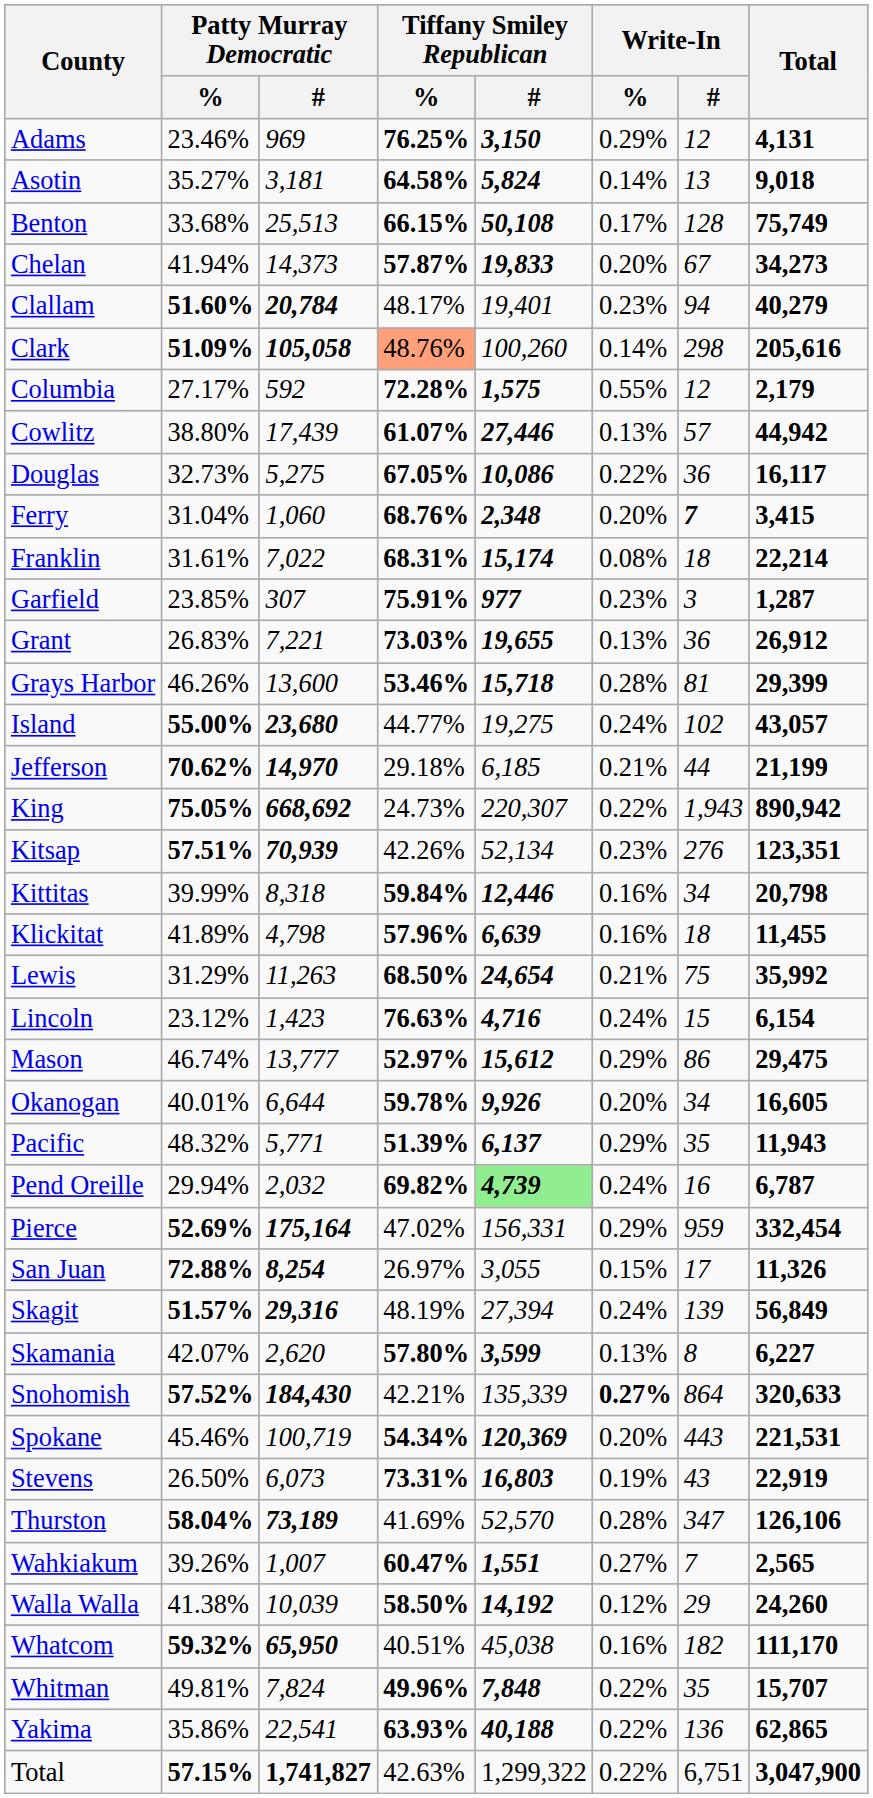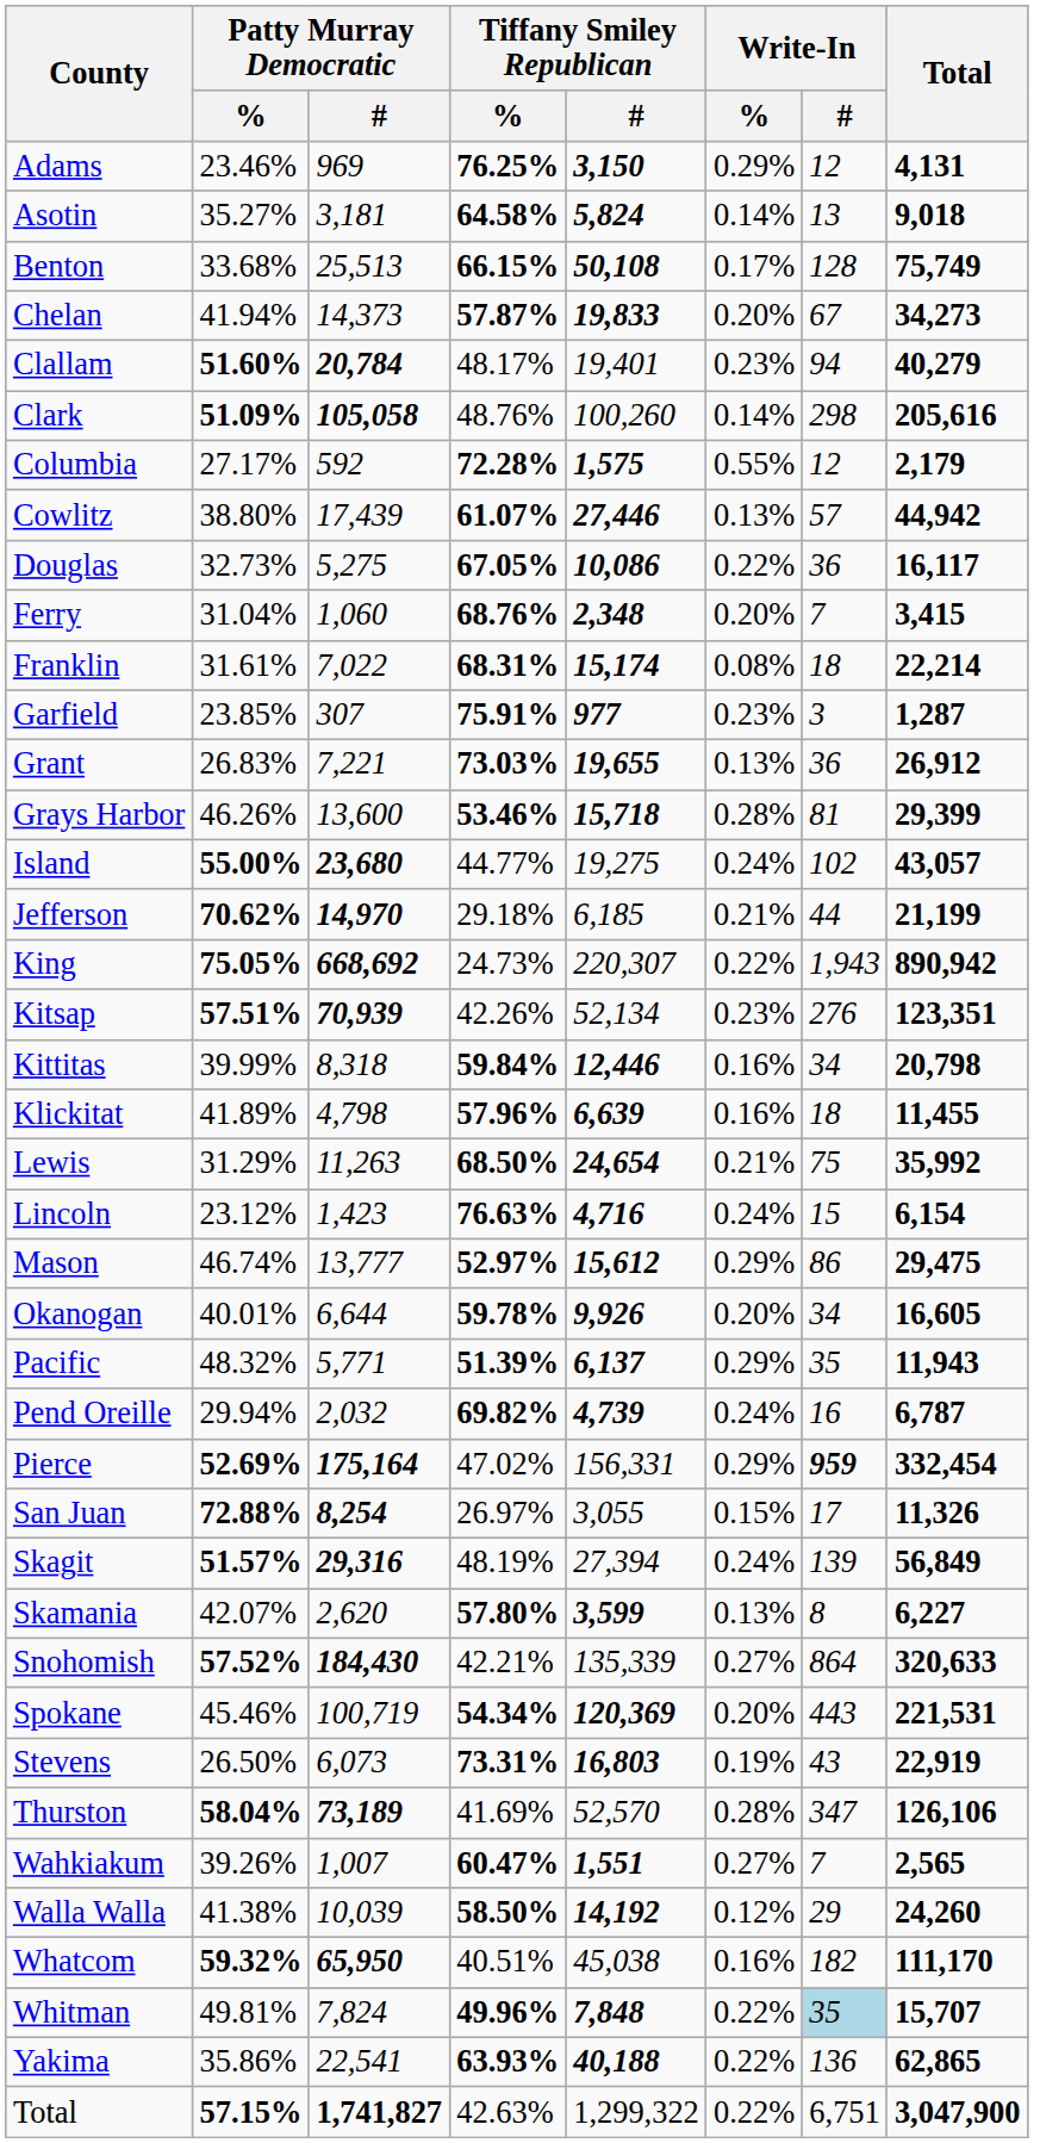 <table class="wikitable sortable">
 <tr>
 <th rowspan="2">County</th>
 <th colspan="2">Patty Murray<br><em>Democratic</em></th>
 <th colspan="2">Tiffany Smiley<br><em>Republican</em></th>
 <th colspan="2">Write-In</th>
 <th rowspan="2">Total</th>
 </tr>
 <tr>
 <th>%</th>
 <th>#</th>
 <th>%</th>
 <th>#</th>
 <th>%</th>
 <th>#</th>
 </tr>
 <tr>
 <td><a href='#'>Adams</a></td>
 <td>23.46%</td>
 <td><em>969</em></td>
 <td><strong>76.25%</strong></td>
 <td><strong><em>3,150</em></strong></td>
 <td>0.29%</td>
 <td><em>12</em></td>
 <td><strong>4,131</strong></td>
 </tr>
 <tr>
 <td><a href='#'>Asotin</a></td>
 <td>35.27%</td>
 <td><em>3,181</em></td>
 <td><strong>64.58%</strong></td>
 <td><strong><em>5,824</em></strong></td>
 <td>0.14%</td>
 <td><em>13</em></td>
 <td><strong>9,018</strong></td>
 </tr>
 <tr>
 <td><a href='#'>Benton</a></td>
 <td>33.68%</td>
 <td><em>25,513</em></td>
 <td><strong>66.15%</strong></td>
 <td><strong><em>50,108</em></strong></td>
 <td>0.17%</td>
 <td><em>128</em></td>
 <td><strong>75,749</strong></td>
 </tr>
 <tr>
 <td><a href='#'>Chelan</a></td>
 <td>41.94%</td>
 <td><em>14,373</em></td>
 <td><strong>57.87%</strong></td>
 <td><strong><em>19,833</em></strong></td>
 <td>0.20%</td>
 <td><em>67</em></td>
 <td><strong>34,273</strong></td>
 </tr>
 <tr>
 <td><a href='#'>Clallam</a></td>
 <td><strong>51.60%</strong></td>
 <td><strong><em>20,784</em></strong></td>
 <td>48.17%</td>
 <td><em>19,401</em></td>
 <td>0.23%</td>
 <td><em>94</em></td>
 <td><strong>40,279</strong></td>
 </tr>
 <tr>
 <td><a href='#'>Clark</a></td>
 <td><strong>51.09%</strong></td>
 <td><strong><em>105,058</em></strong></td>
-<td style="background: lightsalmon;">48.76%</td>
+<td>48.76%</td>
 <td><em>100,260</em></td>
 <td>0.14%</td>
 <td><em>298</em></td>
 <td><strong>205,616</strong></td>
 </tr>
 <tr>
 <td><a href='#'>Columbia</a></td>
 <td>27.17%</td>
 <td><em>592</em></td>
 <td><strong>72.28%</strong></td>
 <td><strong><em>1,575</em></strong></td>
 <td>0.55%</td>
 <td><em>12</em></td>
 <td><strong>2,179</strong></td>
 </tr>
 <tr>
 <td><a href='#'>Cowlitz</a></td>
 <td>38.80%</td>
 <td><em>17,439</em></td>
 <td><strong>61.07%</strong></td>
 <td><strong><em>27,446</em></strong></td>
 <td>0.13%</td>
 <td><em>57</em></td>
 <td><strong>44,942</strong></td>
 </tr>
 <tr>
 <td><a href='#'>Douglas</a></td>
 <td>32.73%</td>
 <td><em>5,275</em></td>
 <td><strong>67.05%</strong></td>
 <td><strong><em>10,086</em></strong></td>
 <td>0.22%</td>
 <td><em>36</em></td>
 <td><strong>16,117</strong></td>
 </tr>
 <tr>
 <td><a href='#'>Ferry</a></td>
 <td>31.04%</td>
 <td><em>1,060</em></td>
 <td><strong>68.76%</strong></td>
 <td><strong><em>2,348</em></strong></td>
 <td>0.20%</td>
-<td><strong><em>7</em></strong></td>
+<td><em>7</em></td>
 <td><strong>3,415</strong></td>
 </tr>
 <tr>
 <td><a href='#'>Franklin</a></td>
 <td>31.61%</td>
 <td><em>7,022</em></td>
 <td><strong>68.31%</strong></td>
 <td><strong><em>15,174</em></strong></td>
 <td>0.08%</td>
 <td><em>18</em></td>
 <td><strong>22,214</strong></td>
 </tr>
 <tr>
 <td><a href='#'>Garfield</a></td>
 <td>23.85%</td>
 <td><em>307</em></td>
 <td><strong>75.91%</strong></td>
 <td><strong><em>977</em></strong></td>
 <td>0.23%</td>
 <td><em>3</em></td>
 <td><strong>1,287</strong></td>
 </tr>
 <tr>
 <td><a href='#'>Grant</a></td>
 <td>26.83%</td>
 <td><em>7,221</em></td>
 <td><strong>73.03%</strong></td>
 <td><strong><em>19,655</em></strong></td>
 <td>0.13%</td>
 <td><em>36</em></td>
 <td><strong>26,912</strong></td>
 </tr>
 <tr>
 <td><a href='#'>Grays Harbor</a></td>
 <td>46.26%</td>
 <td><em>13,600</em></td>
 <td><strong>53.46%</strong></td>
 <td><strong><em>15,718</em></strong></td>
 <td>0.28%</td>
 <td><em>81</em></td>
 <td><strong>29,399</strong></td>
 </tr>
 <tr>
 <td><a href='#'>Island</a></td>
 <td><strong>55.00%</strong></td>
 <td><strong><em>23,680</em></strong></td>
 <td>44.77%</td>
 <td><em>19,275</em></td>
 <td>0.24%</td>
 <td><em>102</em></td>
 <td><strong>43,057</strong></td>
 </tr>
 <tr>
 <td><a href='#'>Jefferson</a></td>
 <td><strong>70.62%</strong></td>
 <td><strong><em>14,970</em></strong></td>
 <td>29.18%</td>
 <td><em>6,185</em></td>
 <td>0.21%</td>
 <td><em>44</em></td>
 <td><strong>21,199</strong></td>
 </tr>
 <tr>
 <td><a href='#'>King</a></td>
 <td><strong>75.05%</strong></td>
 <td><strong><em>668,692</em></strong></td>
 <td>24.73%</td>
 <td><em>220,307</em></td>
 <td>0.22%</td>
 <td><em>1,943</em></td>
 <td><strong>890,942</strong></td>
 </tr>
 <tr>
 <td><a href='#'>Kitsap</a></td>
 <td><strong>57.51%</strong></td>
 <td><strong><em>70,939</em></strong></td>
 <td>42.26%</td>
 <td><em>52,134</em></td>
 <td>0.23%</td>
 <td><em>276</em></td>
 <td><strong>123,351</strong></td>
 </tr>
 <tr>
 <td><a href='#'>Kittitas</a></td>
 <td>39.99%</td>
 <td><em>8,318</em></td>
 <td><strong>59.84%</strong></td>
 <td><strong><em>12,446</em></strong></td>
 <td>0.16%</td>
 <td><em>34</em></td>
 <td><strong>20,798</strong></td>
 </tr>
 <tr>
 <td><a href='#'>Klickitat</a></td>
 <td>41.89%</td>
 <td><em>4,798</em></td>
 <td><strong>57.96%</strong></td>
 <td><strong><em>6,639</em></strong></td>
 <td>0.16%</td>
 <td><em>18</em></td>
 <td><strong>11,455</strong></td>
 </tr>
 <tr>
 <td><a href='#'>Lewis</a></td>
 <td>31.29%</td>
 <td><em>11,263</em></td>
 <td><strong>68.50%</strong></td>
 <td><strong><em>24,654</em></strong></td>
 <td>0.21%</td>
 <td><em>75</em></td>
 <td><strong>35,992</strong></td>
 </tr>
 <tr>
 <td><a href='#'>Lincoln</a></td>
 <td>23.12%</td>
 <td><em>1,423</em></td>
 <td><strong>76.63%</strong></td>
 <td><strong><em>4,716</em></strong></td>
 <td>0.24%</td>
 <td><em>15</em></td>
 <td><strong>6,154</strong></td>
 </tr>
 <tr>
 <td><a href='#'>Mason</a></td>
 <td>46.74%</td>
 <td><em>13,777</em></td>
 <td><strong>52.97%</strong></td>
 <td><strong><em>15,612</em></strong></td>
 <td>0.29%</td>
 <td><em>86</em></td>
 <td><strong>29,475</strong></td>
 </tr>
 <tr>
 <td><a href='#'>Okanogan</a></td>
 <td>40.01%</td>
 <td><em>6,644</em></td>
 <td><strong>59.78%</strong></td>
 <td><strong><em>9,926</em></strong></td>
 <td>0.20%</td>
 <td><em>34</em></td>
 <td><strong>16,605</strong></td>
 </tr>
 <tr>
 <td><a href='#'>Pacific</a></td>
 <td>48.32%</td>
 <td><em>5,771</em></td>
 <td><strong>51.39%</strong></td>
 <td><strong><em>6,137</em></strong></td>
 <td>0.29%</td>
 <td><em>35</em></td>
 <td><strong>11,943</strong></td>
 </tr>
 <tr>
 <td><a href='#'>Pend Oreille</a></td>
 <td>29.94%</td>
 <td><em>2,032</em></td>
 <td><strong>69.82%</strong></td>
-<td style="background: lightgreen;"><strong><em>4,739</em></strong></td>
+<td><strong><em>4,739</em></strong></td>
 <td>0.24%</td>
 <td><em>16</em></td>
 <td><strong>6,787</strong></td>
 </tr>
 <tr>
 <td><a href='#'>Pierce</a></td>
 <td><strong>52.69%</strong></td>
 <td><strong><em>175,164</em></strong></td>
 <td>47.02%</td>
 <td><em>156,331</em></td>
 <td>0.29%</td>
-<td><em>959</em></td>
+<td><strong><em>959</em></strong></td>
 <td><strong>332,454</strong></td>
 </tr>
 <tr>
 <td><a href='#'>San Juan</a></td>
 <td><strong>72.88%</strong></td>
 <td><strong><em>8,254</em></strong></td>
 <td>26.97%</td>
 <td><em>3,055</em></td>
 <td>0.15%</td>
 <td><em>17</em></td>
 <td><strong>11,326</strong></td>
 </tr>
 <tr>
 <td><a href='#'>Skagit</a></td>
 <td><strong>51.57%</strong></td>
 <td><strong><em>29,316</em></strong></td>
 <td>48.19%</td>
 <td><em>27,394</em></td>
 <td>0.24%</td>
 <td><em>139</em></td>
 <td><strong>56,849</strong></td>
 </tr>
 <tr>
 <td><a href='#'>Skamania</a></td>
 <td>42.07%</td>
 <td><em>2,620</em></td>
 <td><strong>57.80%</strong></td>
 <td><strong><em>3,599</em></strong></td>
 <td>0.13%</td>
 <td><em>8</em></td>
 <td><strong>6,227</strong></td>
 </tr>
 <tr>
 <td><a href='#'>Snohomish</a></td>
 <td><strong>57.52%</strong></td>
 <td><strong><em>184,430</em></strong></td>
 <td>42.21%</td>
 <td><em>135,339</em></td>
-<td><strong>0.27%</strong></td>
+<td>0.27%</td>
 <td><em>864</em></td>
 <td><strong>320,633</strong></td>
 </tr>
 <tr>
 <td><a href='#'>Spokane</a></td>
 <td>45.46%</td>
 <td><em>100,719</em></td>
 <td><strong>54.34%</strong></td>
 <td><strong><em>120,369</em></strong></td>
 <td>0.20%</td>
 <td><em>443</em></td>
 <td><strong>221,531</strong></td>
 </tr>
 <tr>
 <td><a href='#'>Stevens</a></td>
 <td>26.50%</td>
 <td><em>6,073</em></td>
 <td><strong>73.31%</strong></td>
 <td><strong><em>16,803</em></strong></td>
 <td>0.19%</td>
 <td><em>43</em></td>
 <td><strong>22,919</strong></td>
 </tr>
 <tr>
 <td><a href='#'>Thurston</a></td>
 <td><strong>58.04%</strong></td>
 <td><strong><em>73,189</em></strong></td>
 <td>41.69%</td>
 <td><em>52,570</em></td>
 <td>0.28%</td>
 <td><em>347</em></td>
 <td><strong>126,106</strong></td>
 </tr>
 <tr>
 <td><a href='#'>Wahkiakum</a></td>
 <td>39.26%</td>
 <td><em>1,007</em></td>
 <td><strong>60.47%</strong></td>
 <td><strong><em>1,551</em></strong></td>
 <td>0.27%</td>
 <td><em>7</em></td>
 <td><strong>2,565</strong></td>
 </tr>
 <tr>
 <td><a href='#'>Walla Walla</a></td>
 <td>41.38%</td>
 <td><em>10,039</em></td>
 <td><strong>58.50%</strong></td>
 <td><strong><em>14,192</em></strong></td>
 <td>0.12%</td>
 <td><em>29</em></td>
 <td><strong>24,260</strong></td>
 </tr>
 <tr>
 <td><a href='#'>Whatcom</a></td>
 <td><strong>59.32%</strong></td>
 <td><strong><em>65,950</em></strong></td>
 <td>40.51%</td>
 <td><em>45,038</em></td>
 <td>0.16%</td>
 <td><em>182</em></td>
 <td><strong>111,170</strong></td>
 </tr>
 <tr>
 <td><a href='#'>Whitman</a></td>
 <td>49.81%</td>
 <td><em>7,824</em></td>
 <td><strong>49.96%</strong></td>
 <td><strong><em>7,848</em></strong></td>
 <td>0.22%</td>
-<td><em>35</em></td>
+<td style="background: lightblue;"><em>35</em></td>
 <td><strong>15,707</strong></td>
 </tr>
 <tr>
 <td><a href='#'>Yakima</a></td>
 <td>35.86%</td>
 <td><em>22,541</em></td>
 <td><strong>63.93%</strong></td>
 <td><strong><em>40,188</em></strong></td>
 <td>0.22%</td>
 <td><em>136</em></td>
 <td><strong>62,865</strong></td>
 </tr>
 <tr>
 <td>Total</td>
 <td><strong>57.15%</strong></td>
 <td><strong>1,741,827</strong></td>
 <td>42.63%</td>
 <td>1,299,322</td>
 <td>0.22%</td>
 <td>6,751</td>
 <td><strong>3,047,900</strong></td>
 </tr>
 </table>
